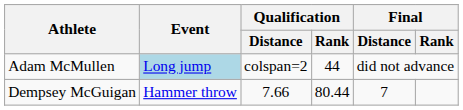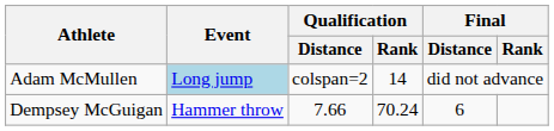 <table class="wikitable" style="font-size:90%">
 <tr>
 <th rowspan=2>Athlete</th>
 <th rowspan=2>Event</th>
 <th colspan=2>Qualification</th>
 <th colspan=2>Final</th>
 </tr>
 <tr style="font-size:95%">
 <th>Distance</th>
 <th>Rank</th>
 <th>Distance</th>
 <th>Rank</th>
 </tr>
 <tr align=center>
 <td align=left>Adam McMullen</td>
 <td align=left style="background: lightblue;"><a href='#'>Long jump</a></td>
 <td>colspan=2 </td>
-<td>44</td>
+<td>14</td>
 <td colspan=2>did not advance</td>
 </tr>
 <tr align=center>
 <td align=left>Dempsey McGuigan</td>
 <td align=left><a href='#'>Hammer throw</a></td>
 <td>7.66</td>
-<td>80.44</td>
-<td>7</td>
+<td>70.24</td>
+<td>6</td>
 </tr>
 </table>
